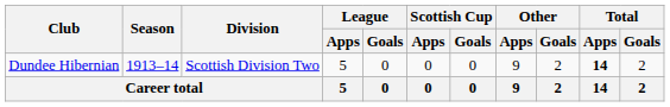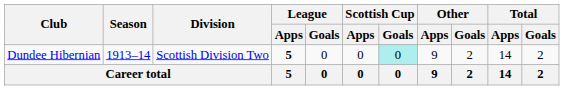 <table class="wikitable" style="text-align:center;">
 <tr>
 <th rowspan="2">Club</th>
 <th rowspan="2">Season</th>
 <th rowspan="2">Division</th>
 <th colspan="2">League</th>
 <th colspan="2">Scottish Cup</th>
 <th colspan="2">Other</th>
 <th colspan="2">Total</th>
 </tr>
 <tr>
 <th>Apps</th>
 <th>Goals</th>
 <th>Apps</th>
 <th>Goals</th>
 <th>Apps</th>
 <th>Goals</th>
 <th>Apps</th>
 <th>Goals</th>
 </tr>
 <tr>
 <td><a href='#'>Dundee Hibernian</a></td>
 <td><a href='#'>1913–14</a></td>
 <td><a href='#'>Scottish Division Two</a></td>
-<td>5</td>
+<td><strong>5</strong></td>
 <td>0</td>
 <td>0</td>
-<td>0</td>
+<td style="background: paleturquoise;">0</td>
 <td>9</td>
 <td>2</td>
-<td><strong>14</strong></td>
+<td>14</td>
 <td>2</td>
 </tr>
 <tr>
 <th colspan="3">Career total</th>
 <th>5</th>
 <th>0</th>
 <th>0</th>
 <th>0</th>
 <th>9</th>
 <th>2</th>
 <th>14</th>
 <th>2</th>
 </tr>
 </table>
